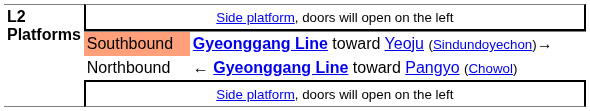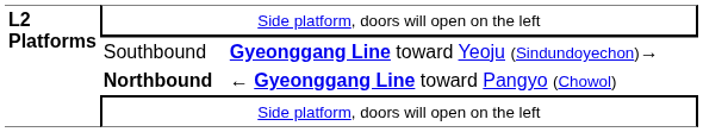 <table table border=0 cellspacing=0 cellpadding=3>
 <tr>
 <td style="border-top:solid 1px gray;border-bottom:solid 1px gray;" width=50 rowspan=10 valign=top><strong>L2<br>Platforms</strong></td>
 <td style="border-top:solid 1px gray;border-right:solid 2px black;border-left:solid 2px black;border-bottom:solid 2px black;text-align:center;" colspan=2><small><a href='#'>Side platform</a>, doors will open on the left</small></td>
 </tr>
 <tr>
-<td style="background: lightsalmon; border-bottom:solid 0px gray;border-top:solid 1px gray;" width=100>Southbound</td>
+<td style="border-bottom:solid 0px gray;border-top:solid 1px gray;" width=100>Southbound</td>
 <td style="border-bottom:solid 0px gray;border-top:solid 1px gray;" width=390> <a href='#'><span><strong>Gyeonggang Line</strong></span></a> toward <a href='#'>Yeoju</a> <small>(<a href='#'>Sindundoyechon</a>)</small>→</td>
 </tr>
 <tr>
-<td>Northbound</td>
+<td><strong>Northbound</strong></td>
 <td>← <a href='#'><span><strong>Gyeonggang Line</strong></span></a> toward <a href='#'>Pangyo</a> <small>(<a href='#'>Chowol</a>)</small></td>
 </tr>
 <tr>
 <td style="border-top:solid 2px black;border-right:solid 2px black;border-left:solid 2px black;border-bottom:solid 1px gray;text-align:center;" colspan=2><small><a href='#'>Side platform</a>, doors will open on the left</small></td>
 </tr>
 </table>
